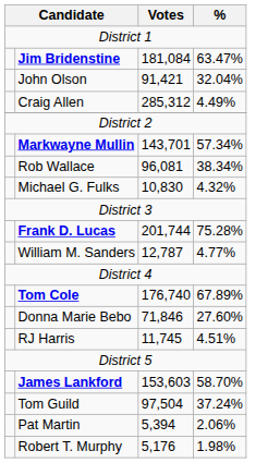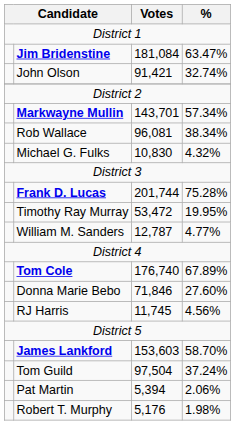 <table class="wikitable">
 <tr>
 <th colspan="2" rowspan="1" align="center" valign="top"><strong>Candidate</strong></th>
 <th valign="top"><strong>Votes</strong></th>
 <th valign="top"><strong>%</strong></th>
 </tr>
 <tr>
 <td colspan="4" align="center"><em>District 1</em></td>
 </tr>
 <tr>
 <td style="background-color:"> </td>
 <td><strong><a href='#'>Jim Bridenstine</a></strong></td>
 <td>181,084</td>
 <td>63.47%</td>
 </tr>
 <tr>
 <td style="background-color:"> </td>
 <td>John Olson</td>
 <td>91,421</td>
-<td>32.04%</td>
-</tr>
-<tr>
-<td style="background-color:"> </td>
-<td>Craig Allen</td>
-<td>285,312</td>
-<td>4.49%</td>
+<td>32.74%</td>
 </tr>
 <tr>
 </tr>
 <tr>
 <td colspan="4" align="center"><em>District 2</em></td>
 </tr>
 <tr>
 <td style="background-color:"> </td>
 <td><strong><a href='#'>Markwayne Mullin</a></strong></td>
 <td>143,701</td>
 <td>57.34%</td>
 </tr>
 <tr>
 <td style="background-color:"> </td>
 <td>Rob Wallace</td>
 <td>96,081</td>
 <td>38.34%</td>
 </tr>
 <tr>
 <td style="background-color:"> </td>
 <td>Michael G. Fulks</td>
 <td>10,830</td>
 <td>4.32%</td>
 </tr>
 <tr>
 <td colspan="4" align="center"><em>District 3</em></td>
 </tr>
 <tr>
 <td style="background-color:"> </td>
 <td><strong><a href='#'>Frank D. Lucas</a></strong></td>
 <td>201,744</td>
 <td>75.28%</td>
 </tr>
 <tr>
 <td style="background-color:"> </td>
+<td>Timothy Ray Murray</td>
+<td>53,472</td>
+<td>19.95%</td>
+</tr>
+<tr>
+<td style="background-color:"> </td>
 <td>William M. Sanders</td>
 <td>12,787</td>
 <td>4.77%</td>
 </tr>
 <tr>
 <td colspan="4" align="center"><em>District 4</em></td>
 </tr>
 <tr>
 <td style="background-color:"> </td>
 <td><strong><a href='#'>Tom Cole</a></strong></td>
 <td>176,740</td>
 <td>67.89%</td>
 </tr>
 <tr>
 <td style="background-color:"> </td>
 <td>Donna Marie Bebo</td>
 <td>71,846</td>
 <td>27.60%</td>
 </tr>
 <tr>
 <td style="background-color:"> </td>
 <td>RJ Harris</td>
 <td>11,745</td>
-<td>4.51%</td>
+<td>4.56%</td>
 </tr>
 <tr>
 <td colspan="4" align="center"><em>District 5</em></td>
 </tr>
 <tr>
 <td style="background-color:"> </td>
 <td><strong><a href='#'>James Lankford</a></strong></td>
 <td>153,603</td>
 <td>58.70%</td>
 </tr>
 <tr>
 <td style="background-color:"> </td>
 <td>Tom Guild</td>
 <td>97,504</td>
 <td>37.24%</td>
 </tr>
 <tr>
 <td style="background-color:"> </td>
 <td>Pat Martin</td>
 <td>5,394</td>
 <td>2.06%</td>
 </tr>
 <tr>
 <td style="background-color:"> </td>
 <td>Robert T. Murphy</td>
 <td>5,176</td>
 <td>1.98%</td>
 </tr>
 </table>
